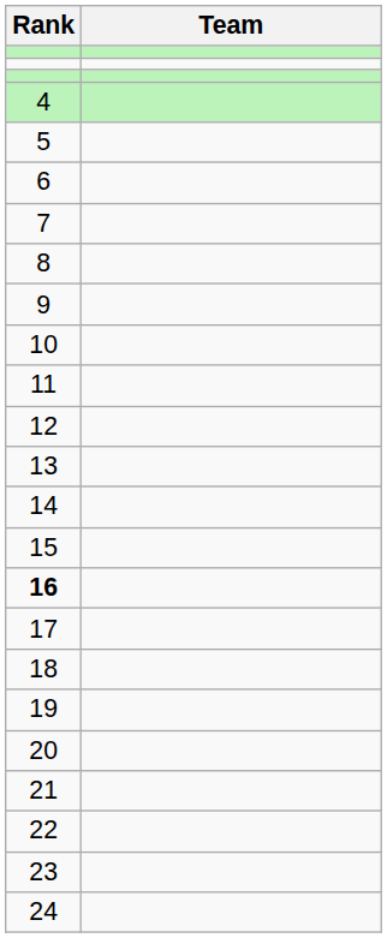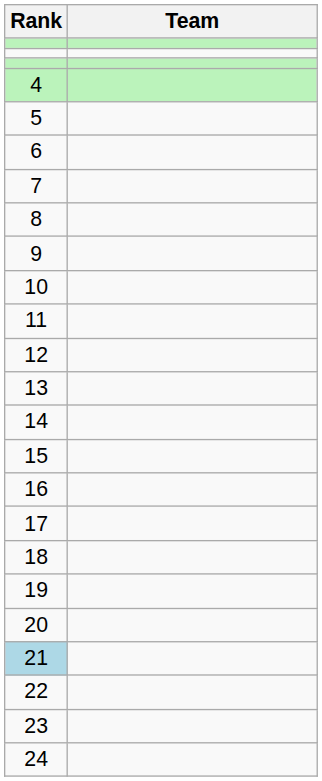 <table class="wikitable" style="text-align: center;">
 <tr>
 <th style="width: 40px;">Rank</th>
 <th style="width: 180px;">Team</th>
 </tr>
 <tr bgcolor=#BBF3BB>
 <td></td>
 <td style="text-align:left;"></td>
 </tr>
 <tr>
 <td></td>
 <td style="text-align:left;"></td>
 </tr>
 <tr bgcolor=#BBF3BB>
 <td></td>
 <td style="text-align:left;"></td>
 </tr>
 <tr bgcolor=#BBF3BB>
 <td>4</td>
 <td style="text-align:left;"></td>
 </tr>
 <tr>
 <td>5</td>
 <td style="text-align:left;"></td>
 </tr>
 <tr>
 <td>6</td>
 <td style="text-align:left;"></td>
 </tr>
 <tr>
 <td>7</td>
 <td style="text-align:left;"></td>
 </tr>
 <tr>
 <td>8</td>
 <td style="text-align:left;"></td>
 </tr>
 <tr>
 <td>9</td>
 <td style="text-align:left;"></td>
 </tr>
 <tr>
 <td>10</td>
 <td style="text-align:left;"></td>
 </tr>
 <tr>
 <td>11</td>
 <td style="text-align:left;"></td>
 </tr>
 <tr>
 <td>12</td>
 <td style="text-align:left;"></td>
 </tr>
 <tr>
 <td>13</td>
 <td style="text-align:left;"></td>
 </tr>
 <tr>
 <td>14</td>
 <td style="text-align:left;"></td>
 </tr>
 <tr>
 <td>15</td>
 <td style="text-align:left;"></td>
 </tr>
 <tr>
-<td><strong>16</strong></td>
+<td>16</td>
 <td style="text-align:left;"></td>
 </tr>
 <tr>
 <td>17</td>
 <td style="text-align:left;"></td>
 </tr>
 <tr>
 <td>18</td>
 <td style="text-align:left;"></td>
 </tr>
 <tr>
 <td>19</td>
 <td style="text-align:left;"></td>
 </tr>
 <tr>
 <td>20</td>
 <td style="text-align:left;"></td>
 </tr>
 <tr>
-<td>21</td>
+<td style="background: lightblue;">21</td>
 <td style="text-align:left;"></td>
 </tr>
 <tr>
 <td>22</td>
 <td style="text-align:left;"></td>
 </tr>
 <tr>
 <td>23</td>
 <td style="text-align:left;"></td>
 </tr>
 <tr>
 <td>24</td>
 <td style="text-align:left;"></td>
 </tr>
 </table>
